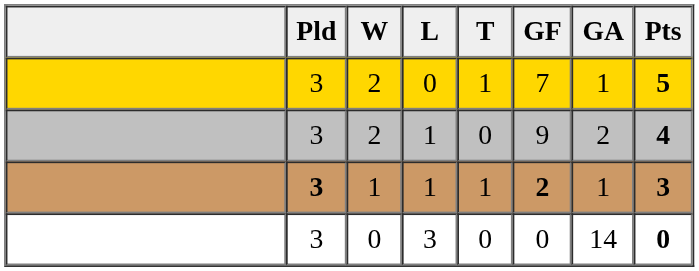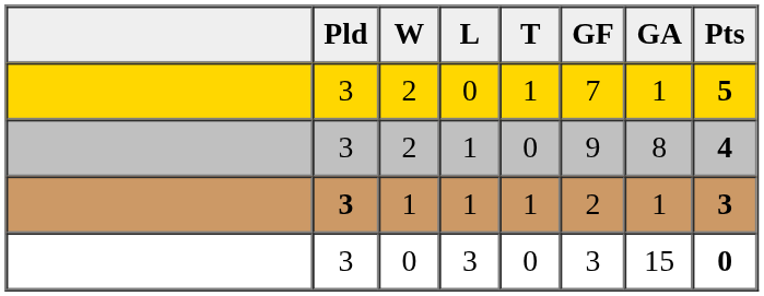 <table border=1 cellpadding=5 cellspacing=0>
 <tr>
 <th style="background:#efefef; width:150px;"></th>
 <th style="background:#efefef; width:20px;">Pld</th>
 <th style="background:#efefef; width:20px;">W</th>
 <th style="background:#efefef; width:20px;">L</th>
 <th style="background:#efefef; width:20px;">T</th>
 <th style="background:#efefef; width:20px;">GF</th>
 <th style="background:#efefef; width:20px;">GA</th>
 <th style="background:#efefef; width:20px;">Pts</th>
 </tr>
 <tr align=center bgcolor=gold>
 <td align=left></td>
 <td>3</td>
 <td>2</td>
 <td>0</td>
 <td>1</td>
 <td>7</td>
 <td>1</td>
 <td><strong>5</strong></td>
 </tr>
 <tr align=center bgcolor=silver>
 <td align=left></td>
 <td>3</td>
 <td>2</td>
 <td>1</td>
 <td>0</td>
 <td>9</td>
-<td>2</td>
+<td>8</td>
 <td><strong>4</strong></td>
 </tr>
 <tr align=center bgcolor=#c96>
 <td align=left></td>
 <td><strong>3</strong></td>
 <td>1</td>
 <td>1</td>
 <td>1</td>
-<td><strong>2</strong></td>
+<td>2</td>
 <td>1</td>
 <td><strong>3</strong></td>
 </tr>
 <tr align=center>
 <td align=left></td>
 <td>3</td>
 <td>0</td>
 <td>3</td>
 <td>0</td>
-<td>0</td>
-<td>14</td>
+<td>3</td>
+<td>15</td>
 <td><strong>0</strong></td>
 </tr>
 </table>
